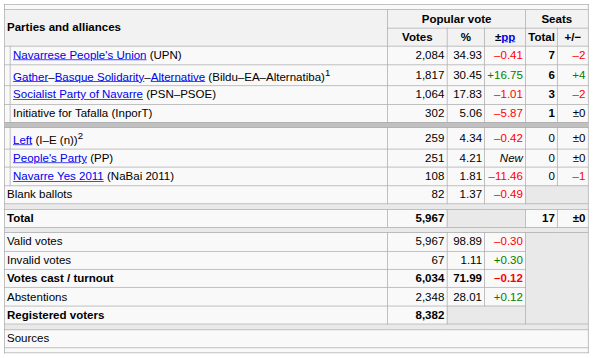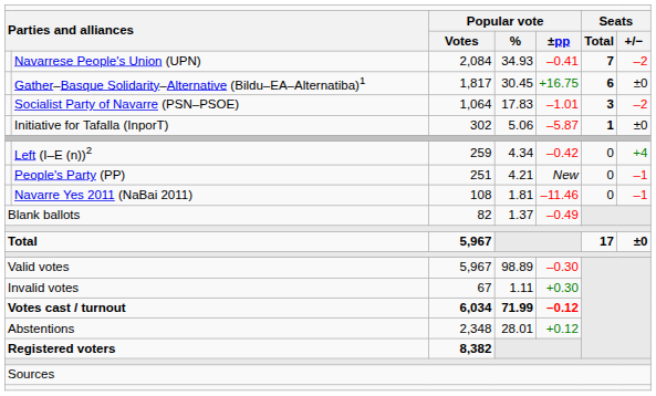 <table class="wikitable" style="text-align:right;">
 <tr>
 <td colspan="7"></td>
 </tr>
 <tr>
 <th style="text-align:left;" rowspan="2" colspan="2" width="525">Parties and alliances</th>
 <th colspan="3">Popular vote</th>
 <th colspan="2">Seats</th>
 </tr>
 <tr>
 <th width="75">Votes</th>
 <th width="45">%</th>
 <th width="45">±<a href='#'>pp</a></th>
 <th width="35">Total</th>
 <th width="35">+/−</th>
 </tr>
 <tr>
 <td width="1" style="color:inherit;background:"></td>
 <td align="left"><a href='#'>Navarrese People's Union</a> (UPN)</td>
 <td>2,084</td>
 <td>34.93</td>
 <td style="color:red;">–0.41</td>
 <td><strong>7</strong></td>
 <td style="color:red;">–2</td>
 </tr>
 <tr>
 <td style="color:inherit;background:"></td>
 <td align="left"><a href='#'>Gather</a>–<a href='#'>Basque Solidarity</a>–<a href='#'>Alternative</a> (Bildu–EA–Alternatiba)<sup>1</sup></td>
 <td>1,817</td>
 <td>30.45</td>
 <td style="color:green;">+16.75</td>
 <td><strong>6</strong></td>
-<td style="color:green;">+4</td>
+<td>±0</td>
 </tr>
 <tr>
 <td style="color:inherit;background:"></td>
 <td align="left"><a href='#'>Socialist Party of Navarre</a> (PSN–PSOE)</td>
 <td>1,064</td>
 <td>17.83</td>
 <td style="color:red;">–1.01</td>
 <td><strong>3</strong></td>
 <td style="color:red;">–2</td>
 </tr>
 <tr>
 <td style="color:inherit;background:"></td>
 <td align="left">Initiative for Tafalla (InporT)</td>
 <td>302</td>
 <td>5.06</td>
 <td style="color:red;">–5.87</td>
 <td><strong>1</strong></td>
 <td>±0</td>
 </tr>
 <tr>
 <td colspan="7" bgcolor="#C0C0C0"></td>
 </tr>
 <tr>
 <td style="color:inherit;background:"></td>
 <td align="left"><a href='#'>Left</a> (I–E (n))<sup>2</sup></td>
 <td>259</td>
 <td>4.34</td>
 <td style="color:red;">–0.42</td>
 <td>0</td>
-<td>±0</td>
+<td style="color:green;">+4</td>
 </tr>
 <tr>
 <td style="color:inherit;background:"></td>
 <td align="left"><a href='#'>People's Party</a> (PP)</td>
 <td>251</td>
 <td>4.21</td>
 <td><em>New</em></td>
 <td>0</td>
-<td>±0</td>
+<td style="color:red;">–1</td>
 </tr>
 <tr>
 <td style="color:inherit;background:"></td>
 <td align="left"><a href='#'>Navarre Yes 2011</a> (NaBai 2011)</td>
 <td>108</td>
 <td>1.81</td>
 <td style="color:red;">–11.46</td>
 <td>0</td>
 <td style="color:red;">–1</td>
 </tr>
 <tr>
 <td align="left" colspan="2">Blank ballots</td>
 <td>82</td>
 <td>1.37</td>
 <td style="color:red;">–0.49</td>
 <td bgcolor="#E9E9E9" colspan="2"></td>
 </tr>
 <tr>
 <td colspan="7" bgcolor="#E9E9E9"></td>
 </tr>
 <tr style="font-weight:bold;">
 <td align="left" colspan="2">Total</td>
 <td>5,967</td>
 <td bgcolor="#E9E9E9" colspan="2"></td>
 <td>17</td>
 <td>±0</td>
 </tr>
 <tr>
 <td colspan="7" bgcolor="#E9E9E9"></td>
 </tr>
 <tr>
 <td align="left" colspan="2">Valid votes</td>
 <td>5,967</td>
 <td>98.89</td>
 <td style="color:red;">–0.30</td>
 <td bgcolor="#E9E9E9" colspan="2" rowspan="5"></td>
 </tr>
 <tr>
 <td align="left" colspan="2">Invalid votes</td>
 <td>67</td>
 <td>1.11</td>
 <td style="color:green;">+0.30</td>
 </tr>
 <tr style="font-weight:bold;">
 <td align="left" colspan="2">Votes cast / turnout</td>
 <td>6,034</td>
 <td>71.99</td>
 <td style="color:red;">–0.12</td>
 </tr>
 <tr>
 <td align="left" colspan="2">Abstentions</td>
 <td>2,348</td>
 <td>28.01</td>
 <td style="color:green;">+0.12</td>
 </tr>
 <tr style="font-weight:bold;">
 <td align="left" colspan="2">Registered voters</td>
 <td>8,382</td>
 <td bgcolor="#E9E9E9" colspan="2"></td>
 </tr>
 <tr>
 <td colspan="7" bgcolor="#E9E9E9"></td>
 </tr>
 <tr>
 <td align="left" colspan="7">Sources</td>
 </tr>
 <tr>
 <td colspan="7" style="text-align:left; max-width:790px;"></td>
 </tr>
 </table>
